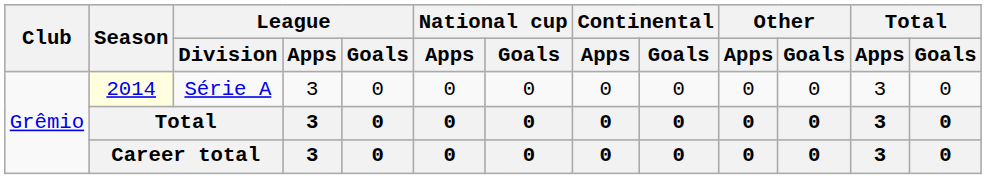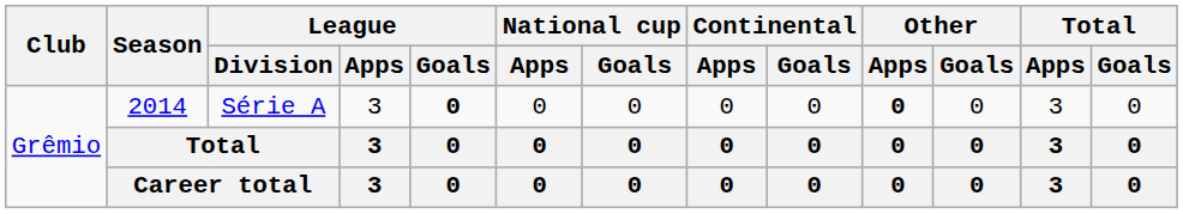 <table class="wikitable" style="text-align:center">
 <tr>
 <th rowspan="2">Club</th>
 <th rowspan="2">Season</th>
 <th colspan="3">League</th>
 <th colspan="2">National cup</th>
 <th colspan="2">Continental</th>
 <th colspan="2">Other</th>
 <th colspan="2">Total</th>
 </tr>
 <tr>
 <th>Division</th>
 <th>Apps</th>
 <th>Goals</th>
 <th>Apps</th>
 <th>Goals</th>
 <th>Apps</th>
 <th>Goals</th>
 <th>Apps</th>
 <th>Goals</th>
 <th>Apps</th>
 <th>Goals</th>
 </tr>
 <tr>
 <td rowspan="3"><a href='#'>Grêmio</a></td>
-<td style="background: lightyellow;"><a href='#'>2014</a></td>
+<td><a href='#'>2014</a></td>
 <td><a href='#'>Série A</a></td>
 <td>3</td>
+<td><strong>0</strong></td>
 <td>0</td>
 <td>0</td>
 <td>0</td>
 <td>0</td>
-<td>0</td>
-<td>0</td>
+<td><strong>0</strong></td>
 <td>0</td>
 <td>3</td>
 <td>0</td>
 </tr>
 <tr>
 <th colspan="2">Total</th>
 <th>3</th>
 <th>0</th>
 <th>0</th>
 <th>0</th>
 <th>0</th>
 <th>0</th>
 <th>0</th>
 <th>0</th>
 <th>3</th>
 <th>0</th>
 </tr>
 <tr>
 <th colspan="2">Career total</th>
 <th>3</th>
 <th>0</th>
 <th>0</th>
 <th>0</th>
 <th>0</th>
 <th>0</th>
 <th>0</th>
 <th>0</th>
 <th>3</th>
 <th>0</th>
 </tr>
 </table>
